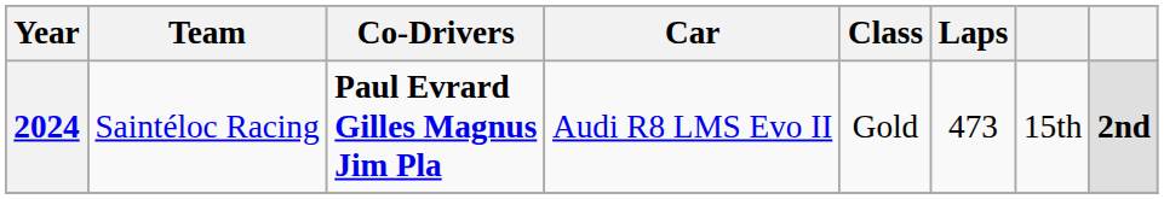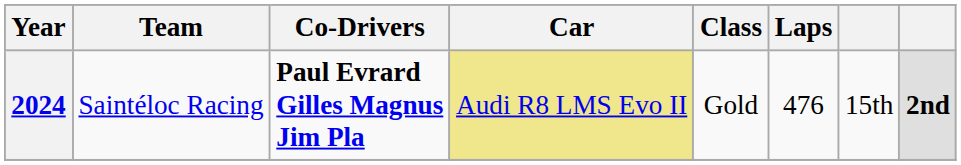 <table class="wikitable" style="text-align:center; font-size:90%">
 <tr>
 <th>Year</th>
 <th>Team</th>
 <th>Co-Drivers</th>
 <th>Car</th>
 <th>Class</th>
 <th>Laps</th>
 <th></th>
 <th></th>
 </tr>
 <tr>
 <th><a href='#'>2024</a></th>
 <td align="left"> <a href='#'>Saintéloc Racing</a></td>
 <td align="left"><strong> Paul Evrard<br> <a href='#'>Gilles Magnus</a><br> <a href='#'>Jim Pla</a></strong></td>
-<td align="left"><a href='#'>Audi R8 LMS Evo II</a></td>
+<td align="left" style="background: khaki;"><a href='#'>Audi R8 LMS Evo II</a></td>
 <td>Gold</td>
-<td>473</td>
+<td>476</td>
 <td>15th</td>
 <th style="background:#DFDFDF;">2nd</th>
 </tr>
 <tr>
 </tr>
 </table>
